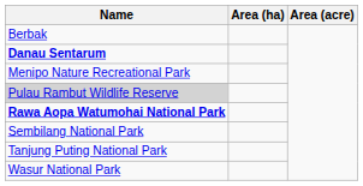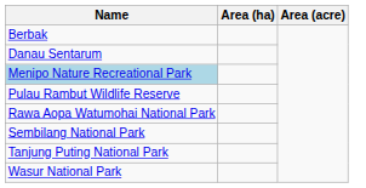 <table class="wikitable sortable">
 <tr>
 <th scope="col" align=left>Name</th>
 <th scope="col">Area (ha)</th>
 <th scope="col">Area (acre)</th>
 </tr>
 <tr ---->
 <td><a href='#'>Berbak</a></td>
 <td></td>
 </tr>
 <tr ---->
-<td><strong><a href='#'>Danau Sentarum</a></strong></td>
+<td><a href='#'>Danau Sentarum</a></td>
 <td></td>
 </tr>
 <tr ---->
-<td><a href='#'>Menipo Nature Recreational Park</a></td>
+<td style="background: lightblue;"><a href='#'>Menipo Nature Recreational Park</a></td>
 <td></td>
 </tr>
 <tr ---->
-<td style="background: lightgrey;"><a href='#'>Pulau Rambut Wildlife Reserve</a></td>
+<td><a href='#'>Pulau Rambut Wildlife Reserve</a></td>
 <td></td>
 </tr>
 <tr ---->
-<td><strong><a href='#'>Rawa Aopa Watumohai National Park</a></strong></td>
+<td><a href='#'>Rawa Aopa Watumohai National Park</a></td>
 <td></td>
 </tr>
 <tr ---->
 <td><a href='#'>Sembilang National Park</a></td>
 <td></td>
 </tr>
 <tr ---->
 <td><a href='#'>Tanjung Puting National Park</a></td>
 <td></td>
 </tr>
 <tr ---->
 <td><a href='#'>Wasur National Park</a></td>
 <td></td>
 </tr>
 </table>
